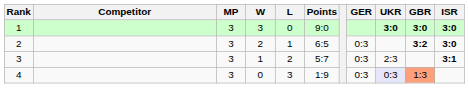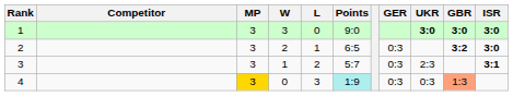 <table class="wikitable" style="text-align:center">
 <tr>
 <th>Rank</th>
 <th style="width:18em">Competitor</th>
 <th style="width:2.5em">MP</th>
 <th style="width:2.5em">W</th>
 <th style="width:2.5em">L</th>
 <th>Points</th>
 <th rowspan="5"> </th>
 <th style="width:2.5em">GER</th>
 <th style="width:2.5em">UKR</th>
 <th style="width:2.5em">GBR</th>
 <th style="width:2.5em">ISR</th>
 </tr>
 <tr style="background:#cfc;">
 <td>1</td>
 <td style="text-align:left"></td>
 <td>3</td>
 <td>3</td>
 <td>0</td>
 <td>9:0</td>
 <td></td>
 <td><strong>3:0</strong></td>
 <td><strong>3:0</strong></td>
 <td><strong>3:0</strong></td>
 </tr>
 <tr>
 <td>2</td>
 <td style="text-align:left"></td>
 <td>3</td>
 <td>2</td>
 <td>1</td>
 <td>6:5</td>
 <td>0:3</td>
 <td></td>
 <td><strong>3:2</strong></td>
 <td><strong>3:0</strong></td>
 </tr>
 <tr>
 <td>3</td>
 <td style="text-align:left"></td>
 <td>3</td>
 <td>1</td>
 <td>2</td>
 <td>5:7</td>
 <td>0:3</td>
 <td>2:3</td>
 <td></td>
 <td><strong>3:1</strong></td>
 </tr>
 <tr>
 <td>4</td>
 <td style="text-align:left"></td>
-<td>3</td>
+<td style="background: gold;">3</td>
 <td>0</td>
 <td>3</td>
-<td>1:9</td>
+<td style="background: paleturquoise;">1:9</td>
 <td>0:3</td>
-<td style="background: lavender;">0:3</td>
+<td>0:3</td>
 <td style="background: lightsalmon;">1:3</td>
 <td></td>
 </tr>
 </table>
